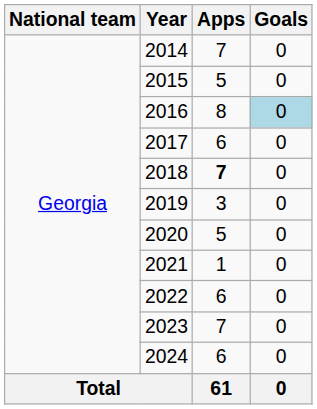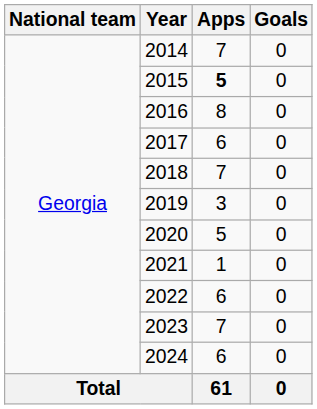 <table class="wikitable" style="text-align:center">
 <tr>
 <th>National team</th>
 <th>Year</th>
 <th>Apps</th>
 <th>Goals</th>
 </tr>
 <tr>
 <td rowspan="11"><a href='#'>Georgia</a></td>
 <td>2014</td>
 <td>7</td>
 <td>0</td>
 </tr>
 <tr>
 <td>2015</td>
-<td>5</td>
+<td><strong>5</strong></td>
 <td>0</td>
 </tr>
 <tr>
 <td>2016</td>
 <td>8</td>
-<td style="background: lightblue;">0</td>
+<td>0</td>
 </tr>
 <tr>
 <td>2017</td>
 <td>6</td>
 <td>0</td>
 </tr>
 <tr>
 <td>2018</td>
-<td><strong>7</strong></td>
+<td>7</td>
 <td>0</td>
 </tr>
 <tr>
 <td>2019</td>
 <td>3</td>
 <td>0</td>
 </tr>
 <tr>
 <td>2020</td>
 <td>5</td>
 <td>0</td>
 </tr>
 <tr>
 <td>2021</td>
 <td>1</td>
 <td>0</td>
 </tr>
 <tr>
 <td>2022</td>
 <td>6</td>
 <td>0</td>
 </tr>
 <tr>
 <td>2023</td>
 <td>7</td>
 <td>0</td>
 </tr>
 <tr>
 <td>2024</td>
 <td>6</td>
 <td>0</td>
 </tr>
 <tr>
 <th colspan="2">Total</th>
 <th>61</th>
 <th>0</th>
 </tr>
 </table>
